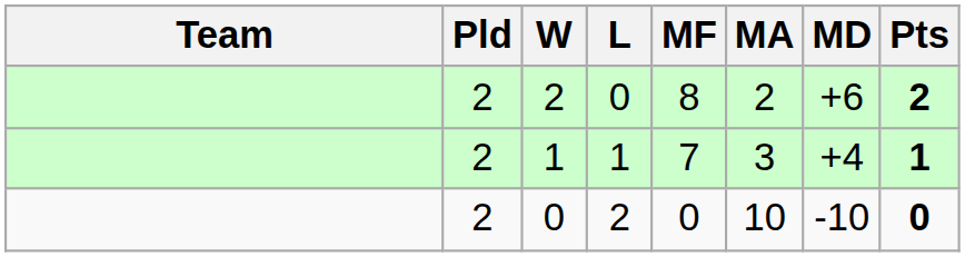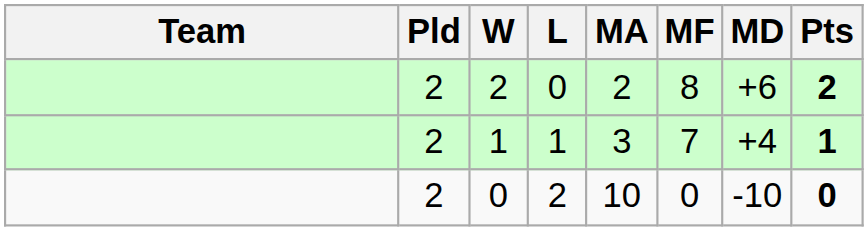 <table class=wikitable style="text-align:center">
 <tr>
 <th width=175>Team</th>
 <th width=20>Pld</th>
 <th width=20>W</th>
 <th width=20>L</th>
+<th width=20>MA</th>
 <th width=20>MF</th>
-<th width=20>MA</th>
 <th width=20>MD</th>
 <th width=20>Pts</th>
 </tr>
 <tr bgcolor=ccffcc>
 <td align=left></td>
 <td>2</td>
 <td>2</td>
 <td>0</td>
+<td>2</td>
 <td>8</td>
-<td>2</td>
 <td>+6</td>
 <td><strong>2</strong></td>
 </tr>
 <tr bgcolor=ccffcc>
 <td align=left></td>
 <td>2</td>
 <td>1</td>
 <td>1</td>
+<td>3</td>
 <td>7</td>
-<td>3</td>
 <td>+4</td>
 <td><strong>1</strong></td>
 </tr>
 <tr>
 <td align=left></td>
 <td>2</td>
 <td>0</td>
 <td>2</td>
+<td>10</td>
 <td>0</td>
-<td>10</td>
 <td>-10</td>
 <td><strong>0</strong></td>
 </tr>
 </table>
